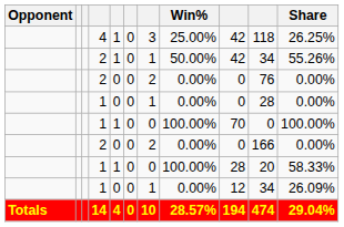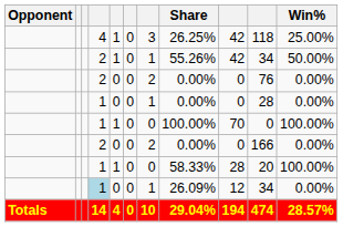 <table class="wikitable sortable" style="text-align:right;">
 <tr>
 <th>Opponent</th>
 <th></th>
 <th></th>
 <th></th>
 <th></th>
 <th></th>
 <th></th>
-<th>Win%</th>
+<th>Share</th>
 <th></th>
 <th></th>
-<th>Share</th>
+<th>Win%</th>
 </tr>
 <tr>
 <td align=left></td>
 <td></td>
 <td></td>
 <td>4</td>
 <td>1</td>
 <td>0</td>
 <td>3</td>
-<td>25.00%</td>
+<td>26.25%</td>
 <td>42</td>
 <td>118</td>
-<td>26.25%</td>
+<td>25.00%</td>
 </tr>
 <tr>
 <td align=left></td>
 <td></td>
 <td></td>
 <td>2</td>
 <td>1</td>
 <td>0</td>
 <td>1</td>
-<td>50.00%</td>
+<td>55.26%</td>
 <td>42</td>
 <td>34</td>
-<td>55.26%</td>
+<td>50.00%</td>
 </tr>
 <tr>
 <td align=left></td>
 <td></td>
 <td></td>
 <td>2</td>
 <td>0</td>
 <td>0</td>
 <td>2</td>
 <td>0.00%</td>
 <td>0</td>
 <td>76</td>
 <td>0.00%</td>
 </tr>
 <tr>
 <td align=left></td>
 <td></td>
 <td></td>
 <td>1</td>
 <td>0</td>
 <td>0</td>
 <td>1</td>
 <td>0.00%</td>
 <td>0</td>
 <td>28</td>
 <td>0.00%</td>
 </tr>
 <tr>
 <td align=left></td>
 <td></td>
 <td></td>
 <td>1</td>
 <td>1</td>
 <td>0</td>
 <td>0</td>
 <td>100.00%</td>
 <td>70</td>
 <td>0</td>
 <td>100.00%</td>
 </tr>
 <tr>
 <td align=left></td>
 <td></td>
 <td></td>
 <td>2</td>
 <td>0</td>
 <td>0</td>
 <td>2</td>
 <td>0.00%</td>
 <td>0</td>
 <td>166</td>
 <td>0.00%</td>
 </tr>
 <tr>
 <td align=left></td>
 <td></td>
 <td></td>
 <td>1</td>
 <td>1</td>
 <td>0</td>
 <td>0</td>
-<td>100.00%</td>
+<td>58.33%</td>
 <td>28</td>
 <td>20</td>
-<td>58.33%</td>
+<td>100.00%</td>
 </tr>
 <tr>
 <td align=left></td>
 <td></td>
 <td></td>
-<td>1</td>
+<td style="background: lightblue;">1</td>
 <td>0</td>
 <td>0</td>
 <td>1</td>
-<td>0.00%</td>
+<td>26.09%</td>
 <td>12</td>
 <td>34</td>
-<td>26.09%</td>
+<td>0.00%</td>
 </tr>
 <tr style="background: red; color:yellow;">
 <td align=left><strong>Totals</strong></td>
 <td><strong></strong></td>
 <td><strong></strong></td>
 <td><strong>14</strong></td>
 <td><strong>4</strong></td>
 <td><strong>0</strong></td>
 <td><strong>10</strong></td>
-<td><strong>28.57%</strong></td>
+<td><strong>29.04%</strong></td>
 <td><strong>194</strong></td>
 <td><strong>474</strong></td>
-<td><strong>29.04%</strong></td>
+<td><strong>28.57%</strong></td>
 </tr>
 </table>
